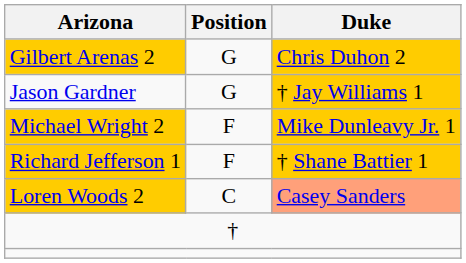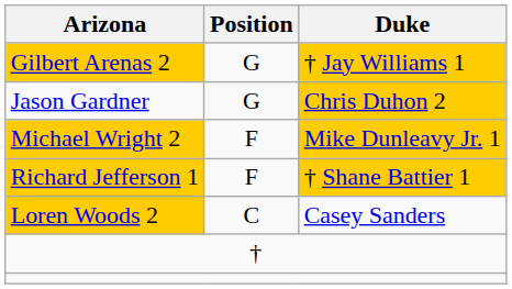 <table class="wikitable">
 <tr>
 <th>Arizona</th>
 <th colspan="2">Position</th>
 <th>Duke</th>
 </tr>
 <tr>
 <td style="background:#ffcc00"><a href='#'>Gilbert Arenas</a> 2</td>
 <td colspan=2 style="text-align:center">G</td>
-<td style="background:#ffcc00"><a href='#'>Chris Duhon</a> 2</td>
+<td style="background:#ffcc00">† <a href='#'>Jay Williams</a> 1</td>
 </tr>
 <tr>
 <td><a href='#'>Jason Gardner</a></td>
 <td colspan=2 style="text-align:center">G</td>
-<td style="background:#ffcc00">† <a href='#'>Jay Williams</a> 1</td>
+<td style="background:#ffcc00"><a href='#'>Chris Duhon</a> 2</td>
 </tr>
 <tr>
 <td style="background:#ffcc00"><a href='#'>Michael Wright</a> 2</td>
 <td colspan=2 style="text-align:center">F</td>
 <td style="background:#ffcc00"><a href='#'>Mike Dunleavy Jr.</a> 1</td>
 </tr>
 <tr>
 <td style="background:#ffcc00"><a href='#'>Richard Jefferson</a> 1</td>
 <td colspan=2 style="text-align:center">F</td>
 <td style="background:#ffcc00">† <a href='#'>Shane Battier</a> 1</td>
 </tr>
 <tr>
 <td style="background:#ffcc00"><a href='#'>Loren Woods</a> 2</td>
 <td colspan=2 style="text-align:center">C</td>
-<td style="background: lightsalmon;"><a href='#'>Casey Sanders</a></td>
+<td><a href='#'>Casey Sanders</a></td>
 </tr>
 <tr>
 <td colspan="5" align=center>† </td>
 </tr>
 <tr>
 <td colspan="5" align=center></td>
 </tr>
 </table>
